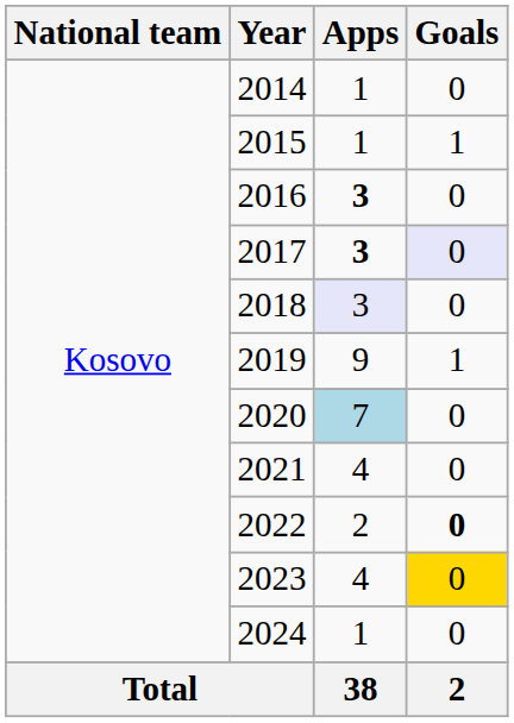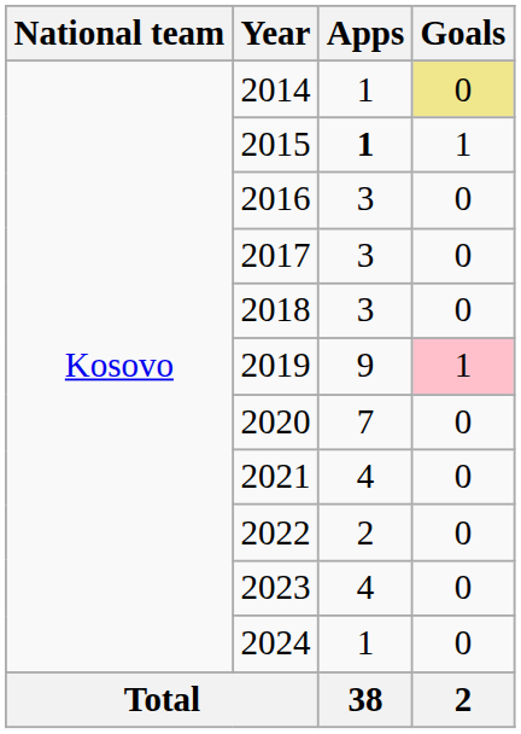 <table class="wikitable" style="text-align:center">
 <tr>
 <th>National team</th>
 <th>Year</th>
 <th>Apps</th>
 <th>Goals</th>
 </tr>
 <tr>
 <td rowspan="11"><a href='#'>Kosovo</a></td>
 <td>2014</td>
 <td>1</td>
-<td>0</td>
+<td style="background: khaki;">0</td>
 </tr>
 <tr>
 <td>2015</td>
-<td>1</td>
+<td><strong>1</strong></td>
 <td>1</td>
 </tr>
 <tr>
 <td>2016</td>
-<td><strong>3</strong></td>
+<td>3</td>
 <td>0</td>
 </tr>
 <tr>
 <td>2017</td>
-<td><strong>3</strong></td>
-<td style="background: lavender;">0</td>
+<td>3</td>
+<td>0</td>
 </tr>
 <tr>
 <td>2018</td>
-<td style="background: lavender;">3</td>
+<td>3</td>
 <td>0</td>
 </tr>
 <tr>
 <td>2019</td>
 <td>9</td>
-<td>1</td>
+<td style="background: pink;">1</td>
 </tr>
 <tr>
 <td>2020</td>
-<td style="background: lightblue;">7</td>
+<td>7</td>
 <td>0</td>
 </tr>
 <tr>
 <td>2021</td>
 <td>4</td>
 <td>0</td>
 </tr>
 <tr>
 <td>2022</td>
 <td>2</td>
-<td><strong>0</strong></td>
+<td>0</td>
 </tr>
 <tr>
 <td>2023</td>
 <td>4</td>
-<td style="background: gold;">0</td>
+<td>0</td>
 </tr>
 <tr>
 <td>2024</td>
 <td>1</td>
 <td>0</td>
 </tr>
 <tr>
 <th colspan="2">Total</th>
 <th>38</th>
 <th>2</th>
 </tr>
 </table>
